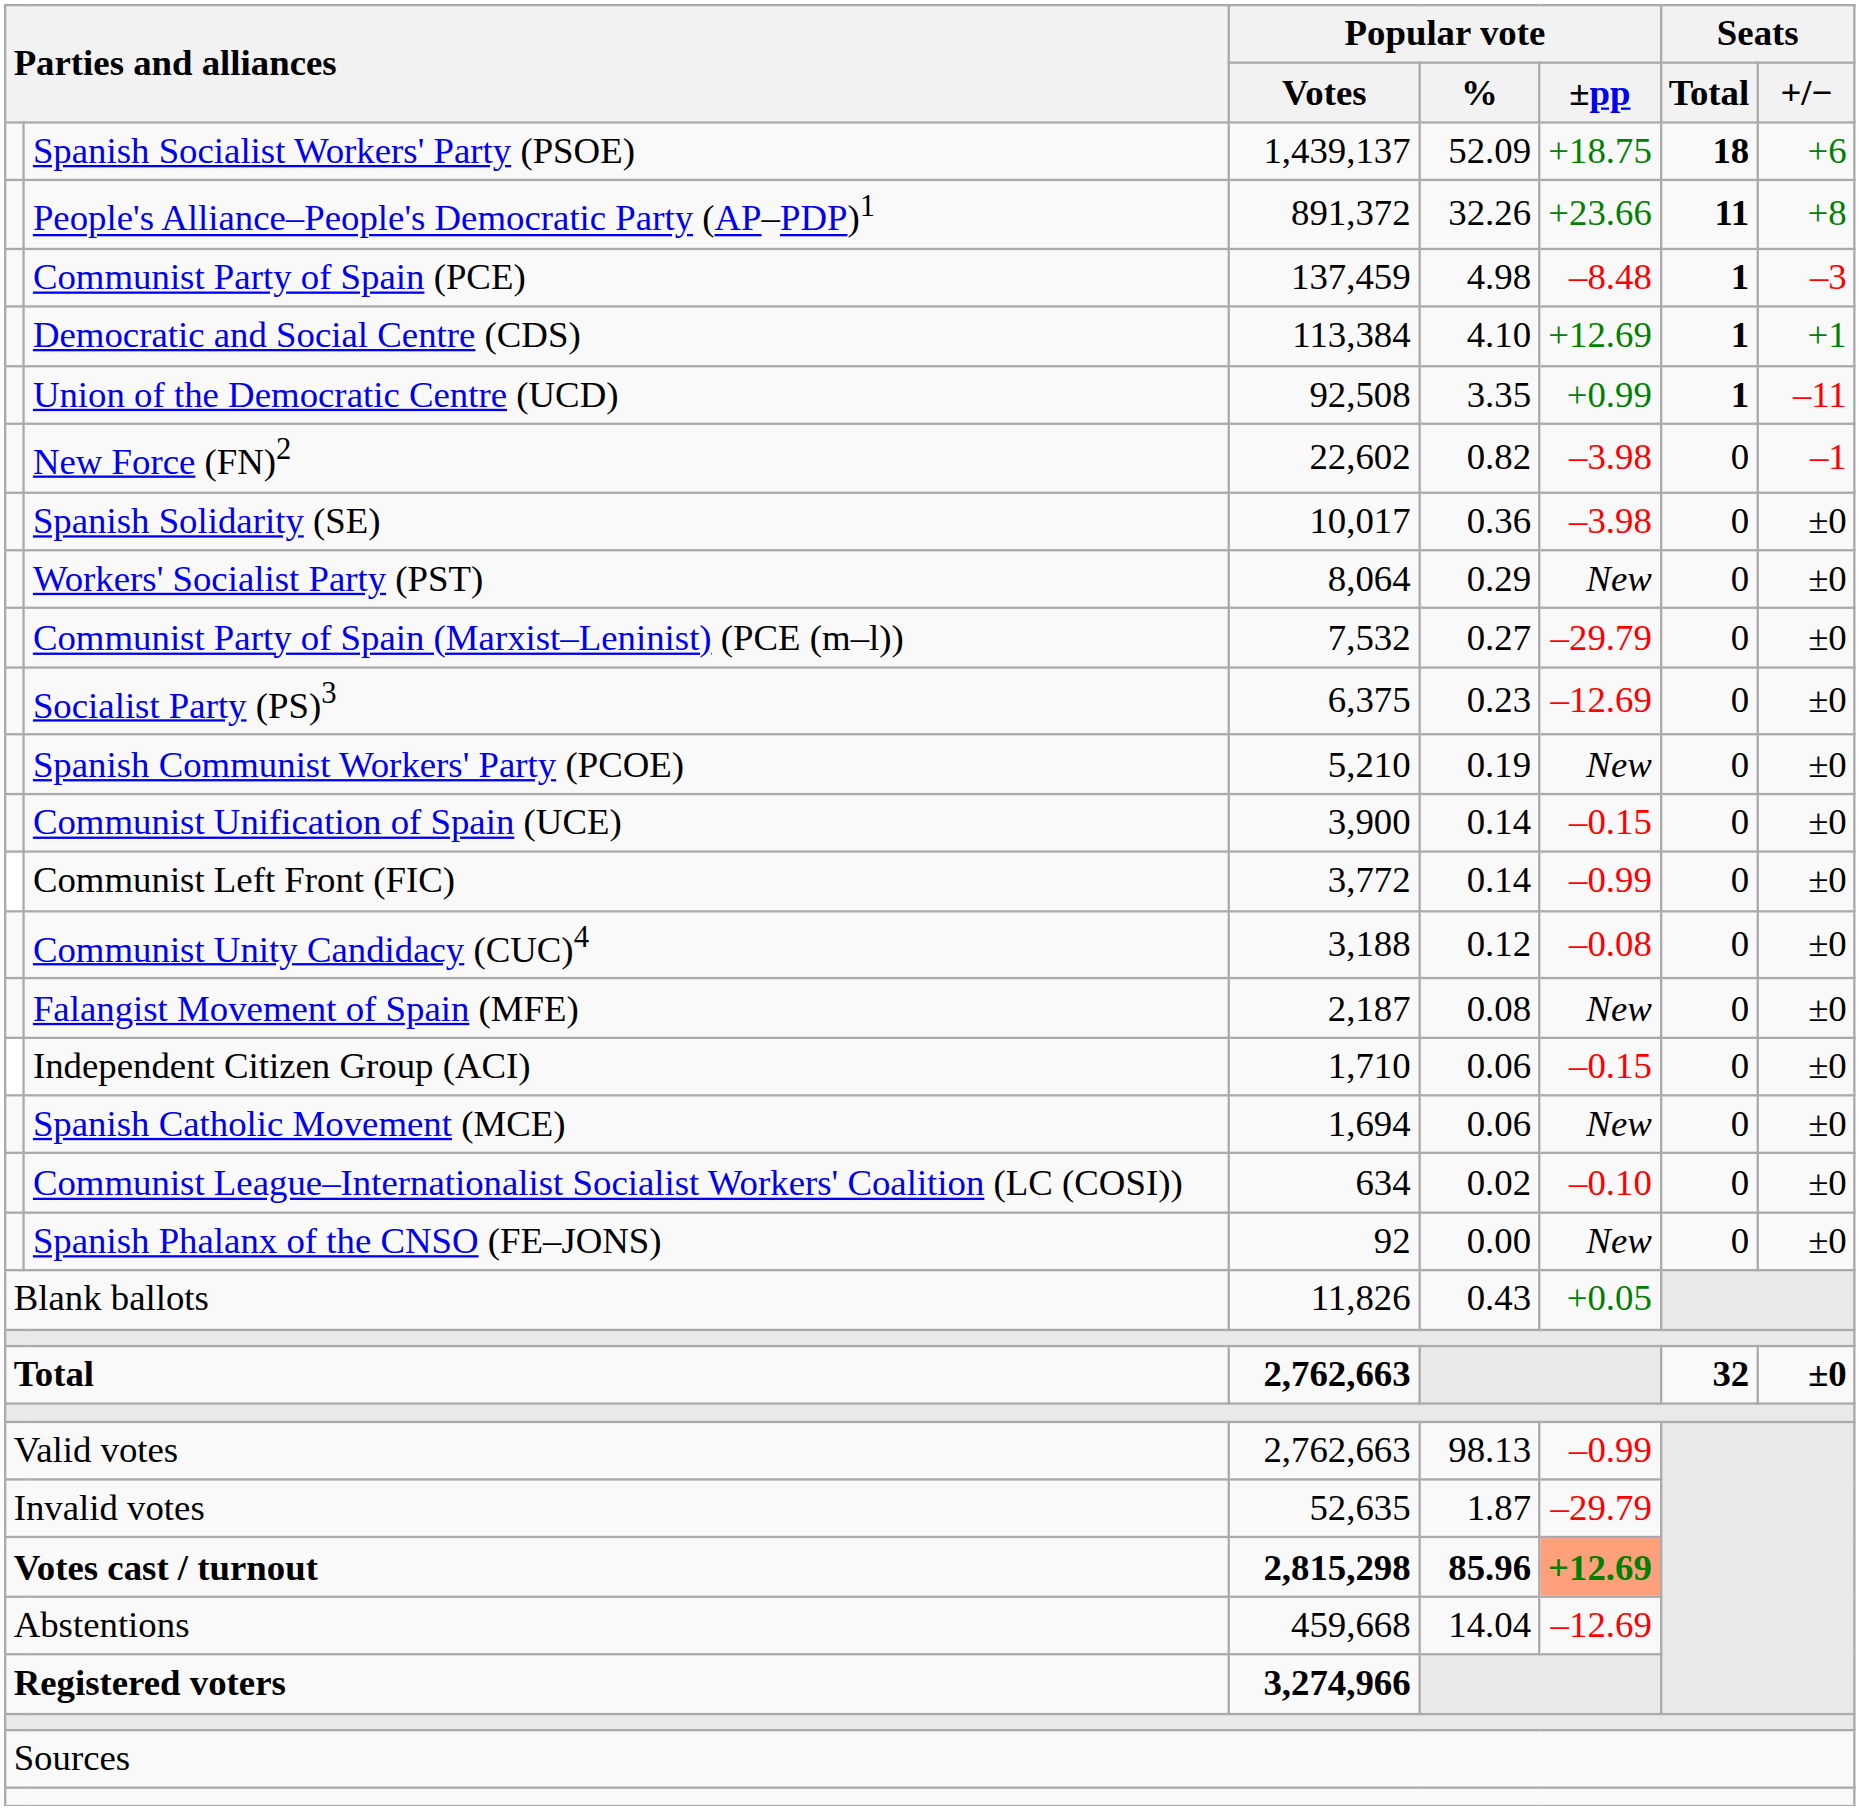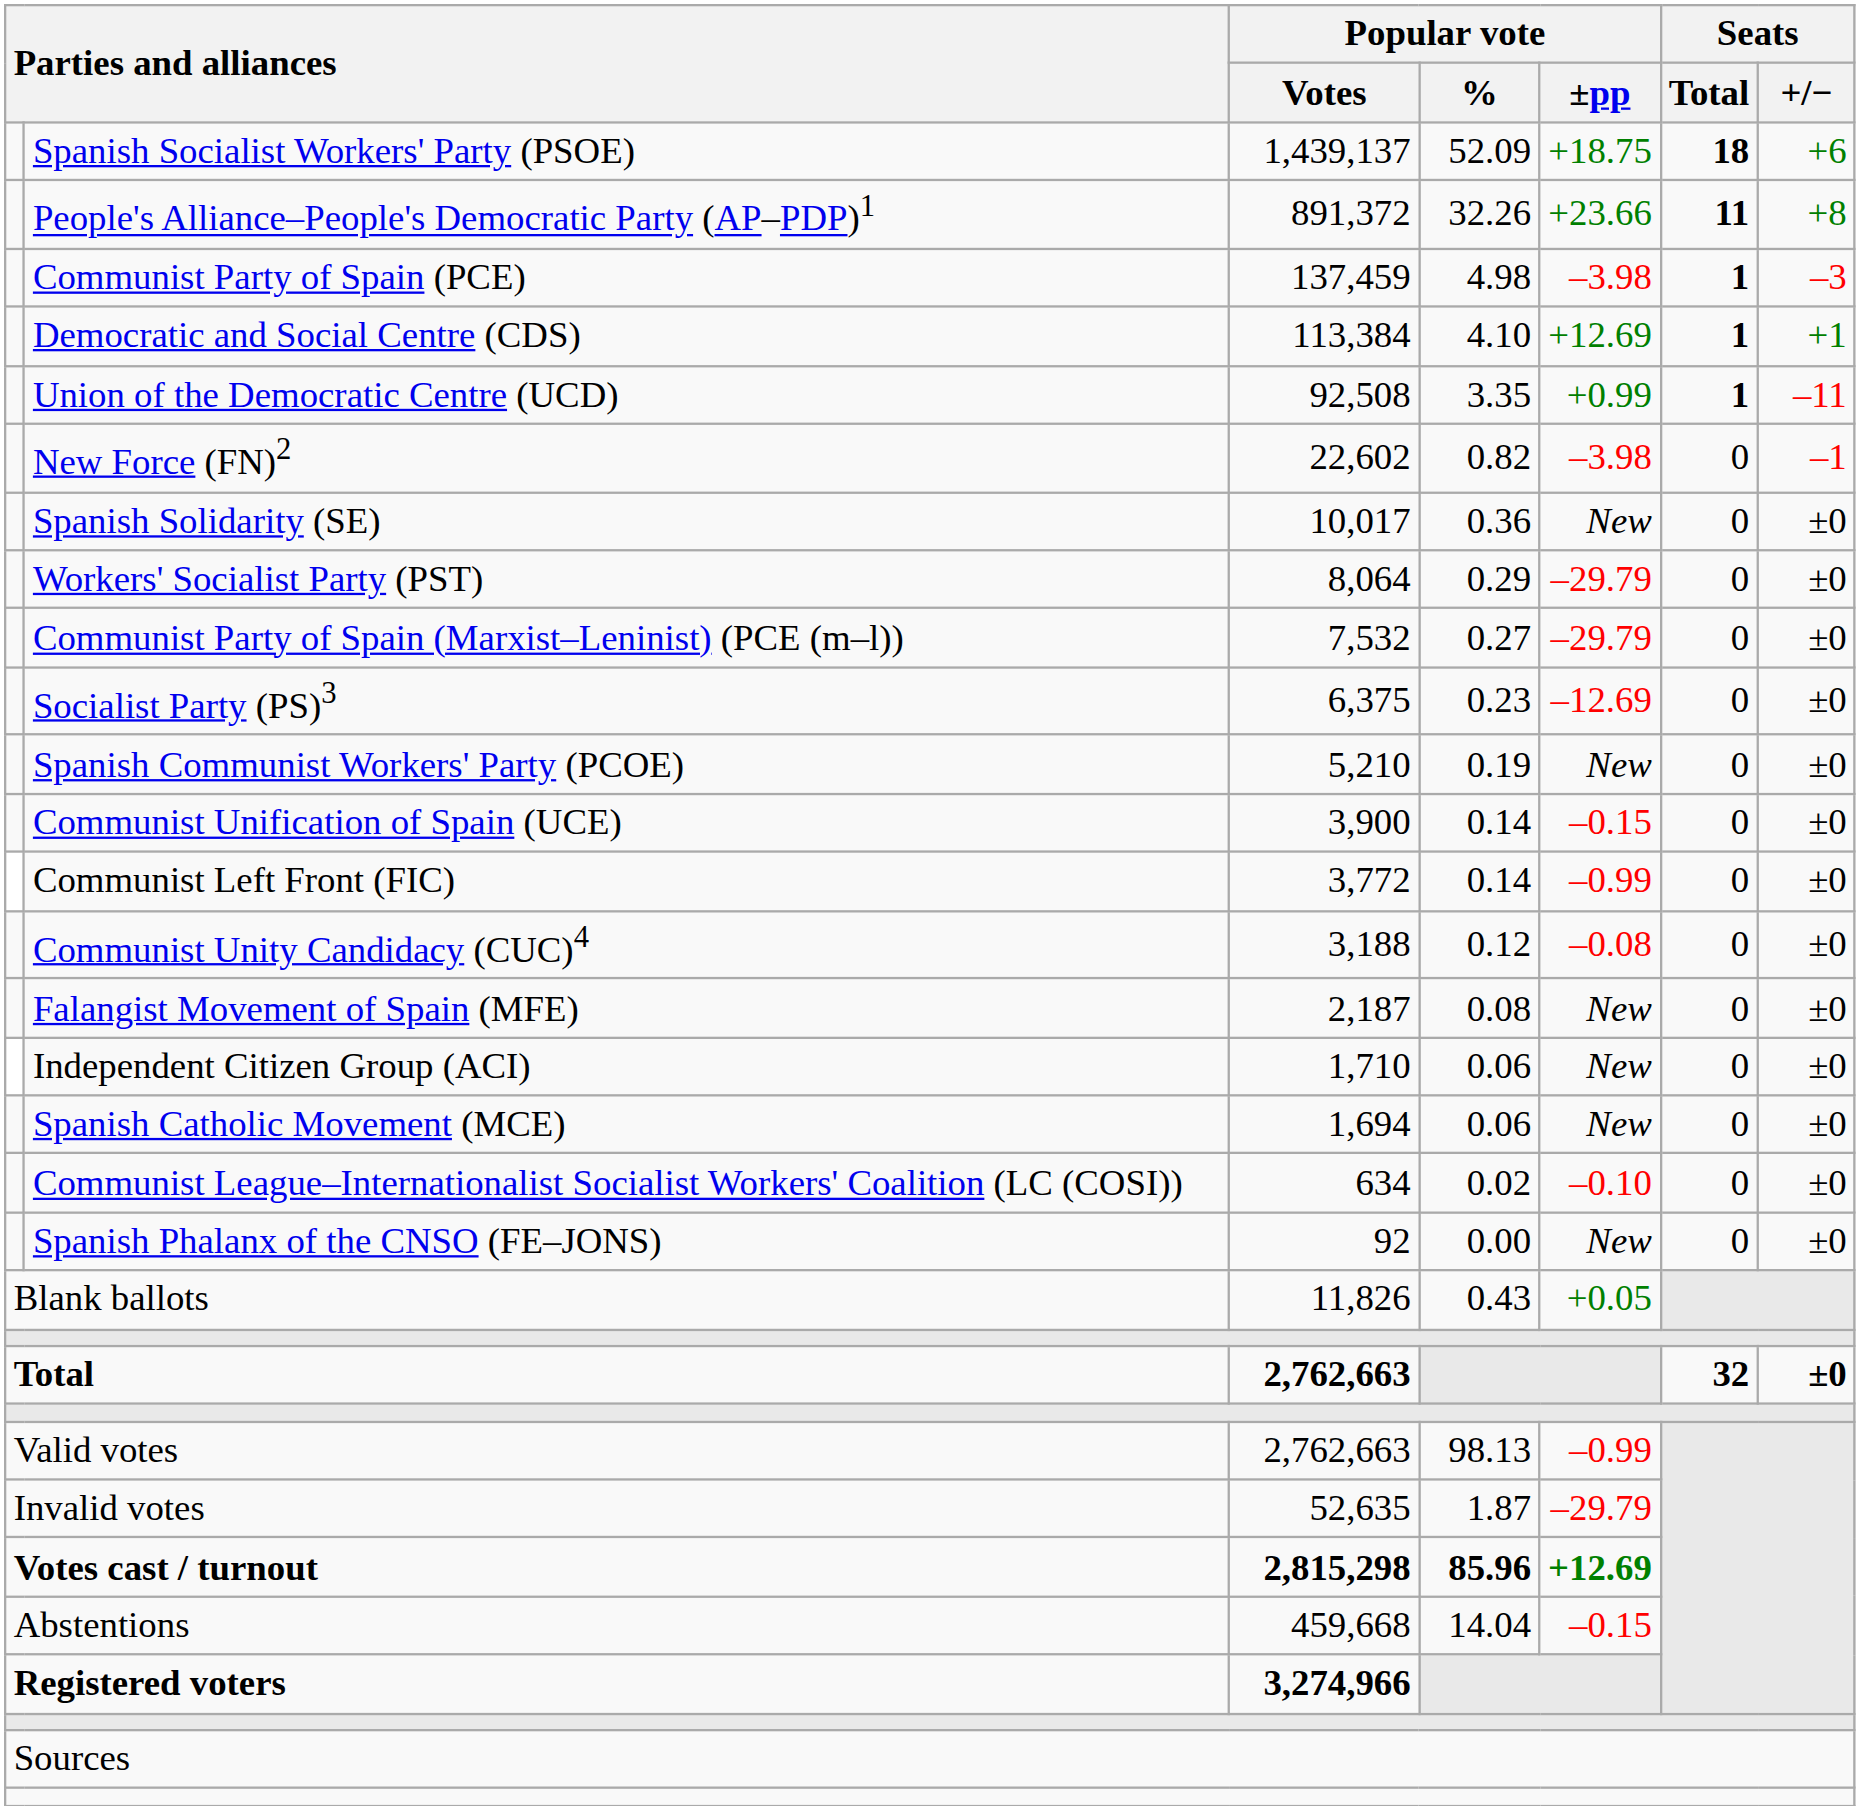 <table class="wikitable" style="text-align:right;">
 <tr>
 <th style="text-align:left;" rowspan="2" colspan="2" width="525">Parties and alliances</th>
 <th colspan="3">Popular vote</th>
 <th colspan="2">Seats</th>
 </tr>
 <tr>
 <th width="75">Votes</th>
 <th width="45">%</th>
 <th width="45">±<a href='#'>pp</a></th>
 <th width="35">Total</th>
 <th width="35">+/−</th>
 </tr>
 <tr>
 <td width="1" style="color:inherit;background:"></td>
 <td align="left"><a href='#'>Spanish Socialist Workers' Party</a> (PSOE)</td>
 <td>1,439,137</td>
 <td>52.09</td>
 <td style="color:green;">+18.75</td>
 <td><strong>18</strong></td>
 <td style="color:green;">+6</td>
 </tr>
 <tr>
 <td style="color:inherit;background:"></td>
 <td align="left"><a href='#'>People's Alliance–People's Democratic Party</a> (<a href='#'>AP</a>–<a href='#'>PDP</a>)<sup>1</sup></td>
 <td>891,372</td>
 <td>32.26</td>
 <td style="color:green;">+23.66</td>
 <td><strong>11</strong></td>
 <td style="color:green;">+8</td>
 </tr>
 <tr>
 <td style="color:inherit;background:"></td>
 <td align="left"><a href='#'>Communist Party of Spain</a> (PCE)</td>
 <td>137,459</td>
 <td>4.98</td>
-<td style="color:red;">–8.48</td>
+<td style="color:red;">–3.98</td>
 <td><strong>1</strong></td>
 <td style="color:red;">–3</td>
 </tr>
 <tr>
 <td style="color:inherit;background:"></td>
 <td align="left"><a href='#'>Democratic and Social Centre</a> (CDS)</td>
 <td>113,384</td>
 <td>4.10</td>
 <td style="color:green;">+12.69</td>
 <td><strong>1</strong></td>
 <td style="color:green;">+1</td>
 </tr>
 <tr>
 <td style="color:inherit;background:"></td>
 <td align="left"><a href='#'>Union of the Democratic Centre</a> (UCD)</td>
 <td>92,508</td>
 <td>3.35</td>
 <td style="color:green;">+0.99</td>
 <td><strong>1</strong></td>
 <td style="color:red;">–11</td>
 </tr>
 <tr>
 <td style="color:inherit;background:"></td>
 <td align="left"><a href='#'>New Force</a> (FN)<sup>2</sup></td>
 <td>22,602</td>
 <td>0.82</td>
 <td style="color:red;">–3.98</td>
 <td>0</td>
 <td style="color:red;">–1</td>
 </tr>
 <tr>
 <td style="color:inherit;background:"></td>
 <td align="left"><a href='#'>Spanish Solidarity</a> (SE)</td>
 <td>10,017</td>
 <td>0.36</td>
-<td style="color:red;">–3.98</td>
+<td><em>New</em></td>
 <td>0</td>
 <td>±0</td>
 </tr>
 <tr>
 <td style="color:inherit;background:"></td>
 <td align="left"><a href='#'>Workers' Socialist Party</a> (PST)</td>
 <td>8,064</td>
 <td>0.29</td>
-<td><em>New</em></td>
+<td style="color:red;">–29.79</td>
 <td>0</td>
 <td>±0</td>
 </tr>
 <tr>
 <td style="color:inherit;background:"></td>
 <td align="left"><a href='#'>Communist Party of Spain (Marxist–Leninist)</a> (PCE (m–l))</td>
 <td>7,532</td>
 <td>0.27</td>
 <td style="color:red;">–29.79</td>
 <td>0</td>
 <td>±0</td>
 </tr>
 <tr>
 <td style="color:inherit;background:"></td>
 <td align="left"><a href='#'>Socialist Party</a> (PS)<sup>3</sup></td>
 <td>6,375</td>
 <td>0.23</td>
 <td style="color:red;">–12.69</td>
 <td>0</td>
 <td>±0</td>
 </tr>
 <tr>
 <td style="color:inherit;background:"></td>
 <td align="left"><a href='#'>Spanish Communist Workers' Party</a> (PCOE)</td>
 <td>5,210</td>
 <td>0.19</td>
 <td><em>New</em></td>
 <td>0</td>
 <td>±0</td>
 </tr>
 <tr>
 <td style="color:inherit;background:"></td>
 <td align="left"><a href='#'>Communist Unification of Spain</a> (UCE)</td>
 <td>3,900</td>
 <td>0.14</td>
 <td style="color:red;">–0.15</td>
 <td>0</td>
 <td>±0</td>
 </tr>
 <tr>
 <td bgcolor="white"></td>
 <td align="left">Communist Left Front (FIC)</td>
 <td>3,772</td>
 <td>0.14</td>
 <td style="color:red;">–0.99</td>
 <td>0</td>
 <td>±0</td>
 </tr>
 <tr>
 <td style="color:inherit;background:"></td>
 <td align="left"><a href='#'>Communist Unity Candidacy</a> (CUC)<sup>4</sup></td>
 <td>3,188</td>
 <td>0.12</td>
 <td style="color:red;">–0.08</td>
 <td>0</td>
 <td>±0</td>
 </tr>
 <tr>
 <td style="color:inherit;background:"></td>
 <td align="left"><a href='#'>Falangist Movement of Spain</a> (MFE)</td>
 <td>2,187</td>
 <td>0.08</td>
 <td><em>New</em></td>
 <td>0</td>
 <td>±0</td>
 </tr>
 <tr>
 <td bgcolor="white"></td>
 <td align="left">Independent Citizen Group (ACI)</td>
 <td>1,710</td>
 <td>0.06</td>
-<td style="color:red;">–0.15</td>
+<td><em>New</em></td>
 <td>0</td>
 <td>±0</td>
 </tr>
 <tr>
 <td style="color:inherit;background:"></td>
 <td align="left"><a href='#'>Spanish Catholic Movement</a> (MCE)</td>
 <td>1,694</td>
 <td>0.06</td>
 <td><em>New</em></td>
 <td>0</td>
 <td>±0</td>
 </tr>
 <tr>
 <td style="color:inherit;background:"></td>
 <td align="left"><a href='#'>Communist League–Internationalist Socialist Workers' Coalition</a> (LC (COSI))</td>
 <td>634</td>
 <td>0.02</td>
 <td style="color:red;">–0.10</td>
 <td>0</td>
 <td>±0</td>
 </tr>
 <tr>
 <td style="color:inherit;background:"></td>
 <td align="left"><a href='#'>Spanish Phalanx of the CNSO</a> (FE–JONS)</td>
 <td>92</td>
 <td>0.00</td>
 <td><em>New</em></td>
 <td>0</td>
 <td>±0</td>
 </tr>
 <tr>
 <td align="left" colspan="2">Blank ballots</td>
 <td>11,826</td>
 <td>0.43</td>
 <td style="color:green;">+0.05</td>
 <td bgcolor="#E9E9E9" colspan="2"></td>
 </tr>
 <tr>
 <td colspan="7" bgcolor="#E9E9E9"></td>
 </tr>
 <tr style="font-weight:bold;">
 <td align="left" colspan="2">Total</td>
 <td>2,762,663</td>
 <td bgcolor="#E9E9E9" colspan="2"></td>
 <td>32</td>
 <td>±0</td>
 </tr>
 <tr>
 <td colspan="7" bgcolor="#E9E9E9"></td>
 </tr>
 <tr>
 <td align="left" colspan="2">Valid votes</td>
 <td>2,762,663</td>
 <td>98.13</td>
 <td style="color:red;">–0.99</td>
 <td bgcolor="#E9E9E9" colspan="2" rowspan="5"></td>
 </tr>
 <tr>
 <td align="left" colspan="2">Invalid votes</td>
 <td>52,635</td>
 <td>1.87</td>
 <td style="color:red;">–29.79</td>
 </tr>
 <tr style="font-weight:bold;">
 <td align="left" colspan="2">Votes cast / turnout</td>
 <td>2,815,298</td>
 <td>85.96</td>
-<td style="background: lightsalmon; color:green;">+12.69</td>
+<td style="color:green;">+12.69</td>
 </tr>
 <tr>
 <td align="left" colspan="2">Abstentions</td>
 <td>459,668</td>
 <td>14.04</td>
-<td style="color:red;">–12.69</td>
+<td style="color:red;">–0.15</td>
 </tr>
 <tr style="font-weight:bold;">
 <td align="left" colspan="2">Registered voters</td>
 <td>3,274,966</td>
 <td bgcolor="#E9E9E9" colspan="2"></td>
 </tr>
 <tr>
 <td colspan="7" bgcolor="#E9E9E9"></td>
 </tr>
 <tr>
 <td align="left" colspan="7">Sources</td>
 </tr>
 <tr>
 <td colspan="7" style="text-align:left; max-width:790px;"></td>
 </tr>
 </table>
